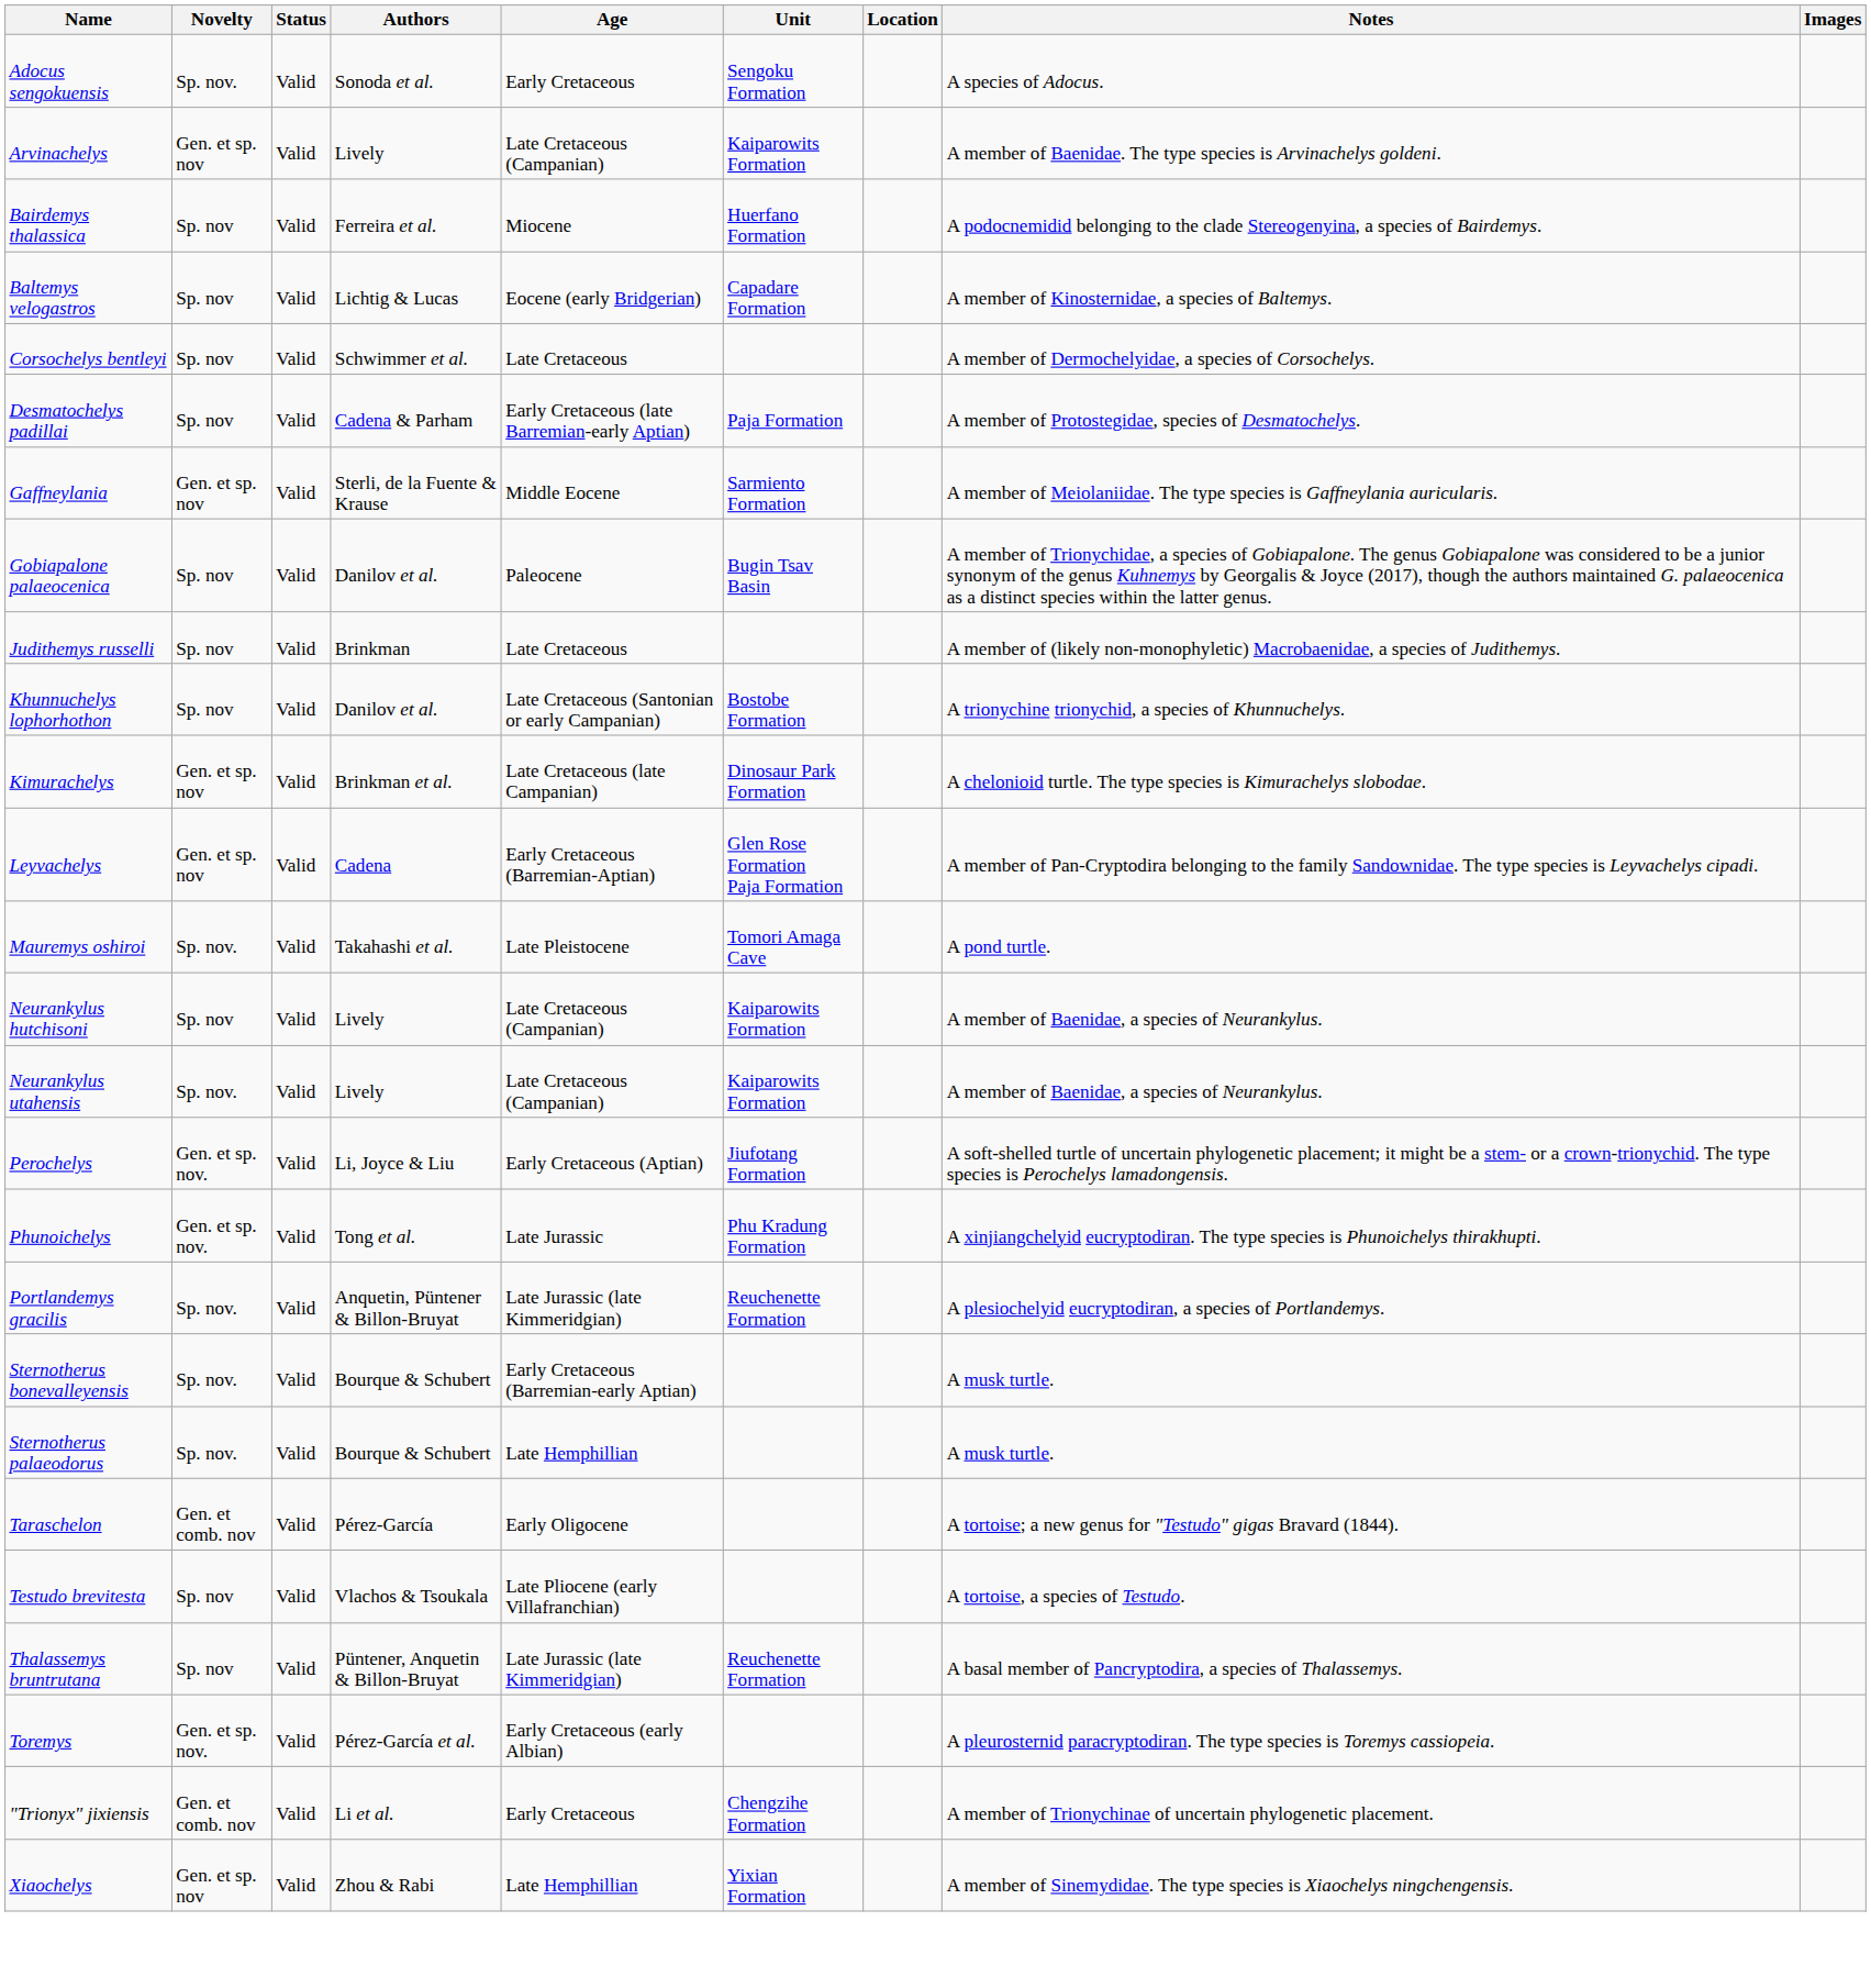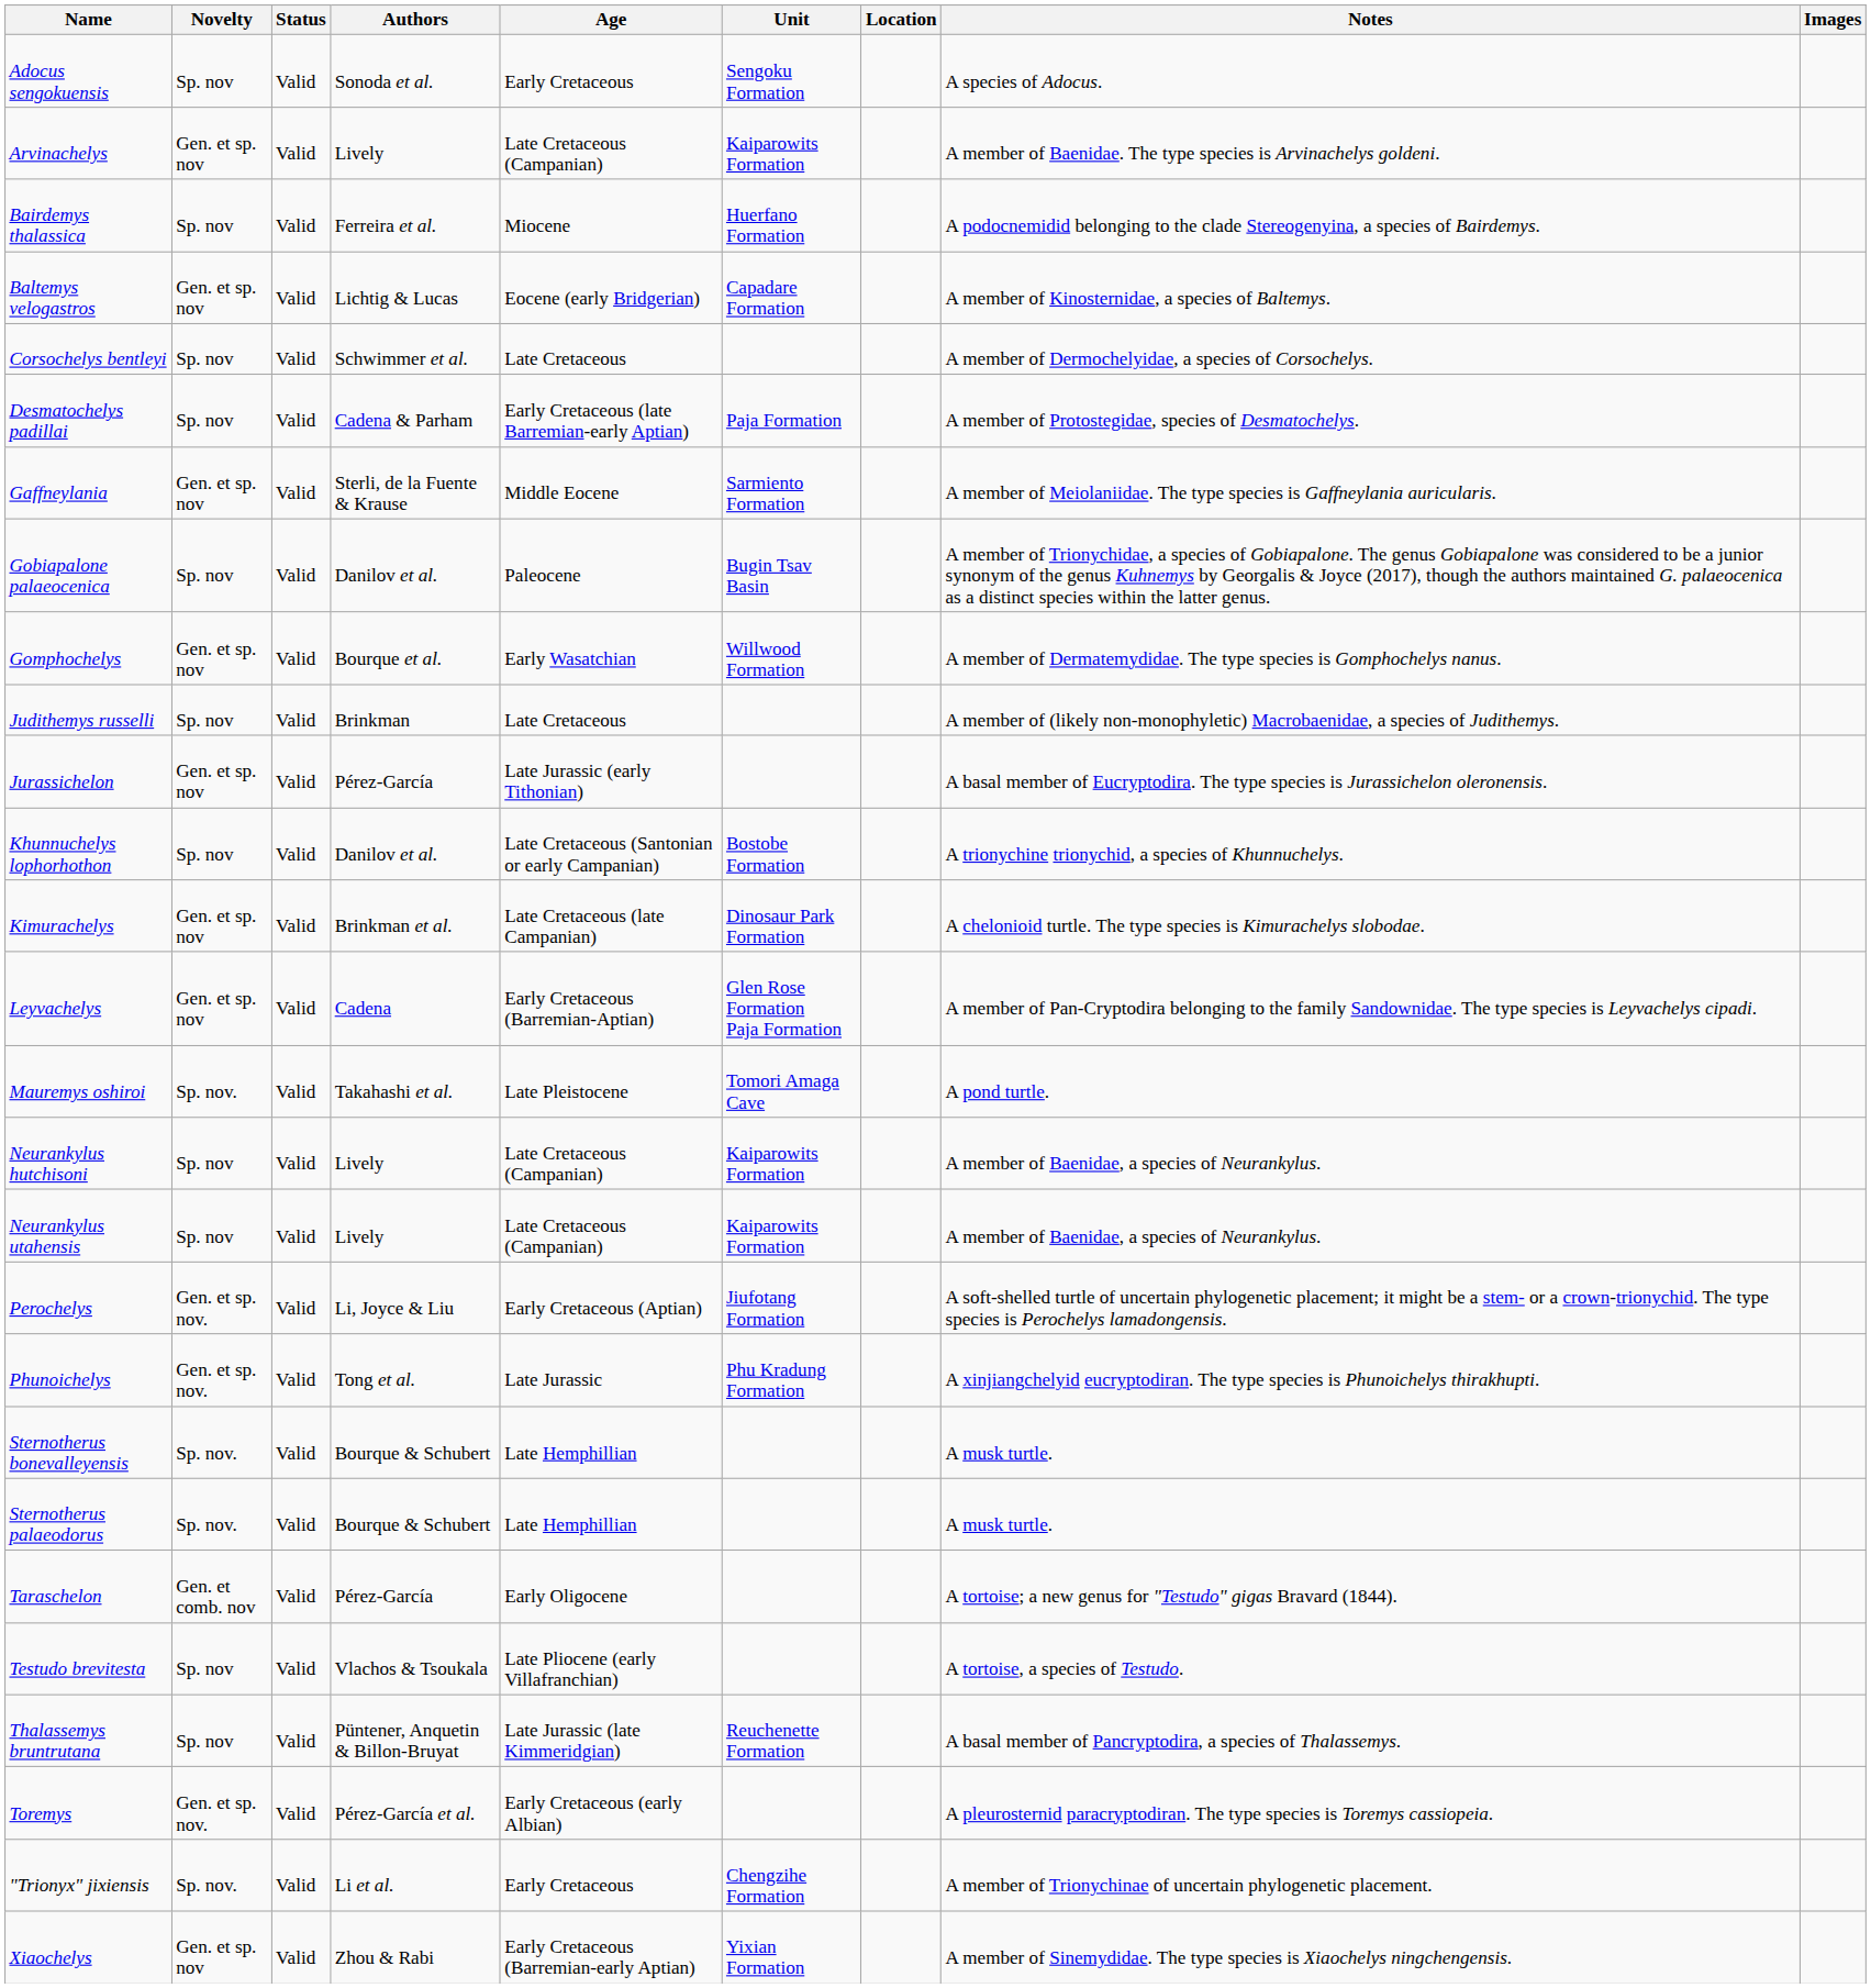 <table class="wikitable sortable"  style="margin:auto; width:100%;">
 <tr>
 <th>Name</th>
 <th>Novelty</th>
 <th>Status</th>
 <th>Authors</th>
 <th>Age</th>
 <th>Unit</th>
 <th>Location</th>
 <th>Notes</th>
 <th>Images</th>
 </tr>
 <tr>
 <td><br><em><a href='#'>Adocus sengokuensis</a></em></td>
-<td><br>Sp. nov.</td>
+<td><br>Sp. nov</td>
 <td><br>Valid</td>
 <td><br>Sonoda <em>et al.</em></td>
 <td><br>Early Cretaceous</td>
 <td><br><a href='#'>Sengoku Formation</a></td>
 <td><br></td>
 <td><br>A species of <em>Adocus</em>.</td>
 <td></td>
 </tr>
 <tr>
 <td><br><em><a href='#'>Arvinachelys</a></em></td>
 <td><br>Gen. et sp. nov</td>
 <td><br>Valid</td>
 <td><br>Lively</td>
 <td><br>Late Cretaceous (Campanian)</td>
 <td><br><a href='#'>Kaiparowits Formation</a></td>
 <td><br></td>
 <td><br>A member of <a href='#'>Baenidae</a>. The type species is <em>Arvinachelys goldeni</em>.</td>
 <td></td>
 </tr>
 <tr>
 <td><br><em><a href='#'>Bairdemys thalassica</a></em></td>
 <td><br>Sp. nov</td>
 <td><br>Valid</td>
 <td><br>Ferreira <em>et al.</em></td>
 <td><br>Miocene</td>
 <td><br><a href='#'>Huerfano Formation</a></td>
 <td><br></td>
 <td><br>A <a href='#'>podocnemidid</a> belonging to the clade <a href='#'>Stereogenyina</a>, a species of <em>Bairdemys</em>.</td>
 <td></td>
 </tr>
 <tr>
 <td><br><em><a href='#'>Baltemys velogastros</a></em></td>
-<td><br>Sp. nov</td>
+<td><br>Gen. et sp. nov</td>
 <td><br>Valid</td>
 <td><br>Lichtig & Lucas</td>
 <td><br>Eocene (early <a href='#'>Bridgerian</a>)</td>
 <td><br><a href='#'>Capadare Formation</a></td>
 <td><br></td>
 <td><br>A member of <a href='#'>Kinosternidae</a>, a species of <em>Baltemys</em>.</td>
 <td></td>
 </tr>
 <tr>
 <td><br><em><a href='#'>Corsochelys bentleyi</a></em></td>
 <td><br>Sp. nov</td>
 <td><br>Valid</td>
 <td><br>Schwimmer <em>et al.</em></td>
 <td><br>Late Cretaceous</td>
 <td></td>
 <td><br></td>
 <td><br>A member of <a href='#'>Dermochelyidae</a>, a species of <em>Corsochelys</em>.</td>
 <td></td>
 </tr>
 <tr>
 <td><br><em><a href='#'>Desmatochelys padillai</a></em></td>
 <td><br>Sp. nov</td>
 <td><br>Valid</td>
 <td><br><a href='#'>Cadena</a> & Parham</td>
 <td><br>Early Cretaceous (late <a href='#'>Barremian</a>-early <a href='#'>Aptian</a>)</td>
 <td><br><a href='#'>Paja Formation</a></td>
 <td><br></td>
 <td><br>A member of <a href='#'>Protostegidae</a>, species of <em><a href='#'>Desmatochelys</a></em>.</td>
 <td><br></td>
 </tr>
 <tr>
 <td><br><em><a href='#'>Gaffneylania</a></em></td>
 <td><br>Gen. et sp. nov</td>
 <td><br>Valid</td>
 <td><br>Sterli, de la Fuente & Krause</td>
 <td><br>Middle Eocene</td>
 <td><br><a href='#'>Sarmiento Formation</a></td>
 <td><br></td>
 <td><br>A member of <a href='#'>Meiolaniidae</a>. The type species is <em>Gaffneylania auricularis</em>.</td>
 <td></td>
 </tr>
 <tr>
 <td><br><em><a href='#'>Gobiapalone palaeocenica</a></em></td>
 <td><br>Sp. nov</td>
 <td><br>Valid</td>
 <td><br>Danilov <em>et al.</em></td>
 <td><br>Paleocene</td>
 <td><br><a href='#'>Bugin Tsav Basin</a></td>
 <td><br></td>
 <td><br>A member of <a href='#'>Trionychidae</a>, a species of <em>Gobiapalone</em>. The genus <em>Gobiapalone</em> was considered to be a junior synonym of the genus <em><a href='#'>Kuhnemys</a></em> by Georgalis & Joyce (2017), though the authors maintained <em>G. palaeocenica</em> as a distinct species within the latter genus.</td>
 <td></td>
 </tr>
 <tr>
+<td><br><em><a href='#'>Gomphochelys</a></em></td>
+<td><br>Gen. et sp. nov</td>
+<td><br>Valid</td>
+<td><br>Bourque <em>et al.</em></td>
+<td><br>Early <a href='#'>Wasatchian</a></td>
+<td><br><a href='#'>Willwood Formation</a></td>
+<td><br></td>
+<td><br>A member of <a href='#'>Dermatemydidae</a>. The type species is <em>Gomphochelys nanus</em>.</td>
+<td></td>
+</tr>
+<tr>
 <td><br><em><a href='#'>Judithemys russelli</a></em></td>
 <td><br>Sp. nov</td>
 <td><br>Valid</td>
 <td><br>Brinkman</td>
 <td><br>Late Cretaceous</td>
 <td></td>
 <td><br></td>
 <td><br>A member of (likely non-monophyletic) <a href='#'>Macrobaenidae</a>, a species of <em>Judithemys</em>.</td>
+<td></td>
+</tr>
+<tr>
+<td><br><em><a href='#'>Jurassichelon</a></em></td>
+<td><br>Gen. et sp. nov</td>
+<td><br>Valid</td>
+<td><br>Pérez-García</td>
+<td><br>Late Jurassic (early <a href='#'>Tithonian</a>)</td>
+<td></td>
+<td><br></td>
+<td><br>A basal member of <a href='#'>Eucryptodira</a>. The type species is <em>Jurassichelon oleronensis</em>.</td>
 <td></td>
 </tr>
 <tr>
 <td><br><em><a href='#'>Khunnuchelys lophorhothon</a></em></td>
 <td><br>Sp. nov</td>
 <td><br>Valid</td>
 <td><br>Danilov <em>et al.</em></td>
 <td><br>Late Cretaceous (Santonian or early Campanian)</td>
 <td><br><a href='#'>Bostobe Formation</a></td>
 <td><br></td>
 <td><br>A <a href='#'>trionychine</a> <a href='#'>trionychid</a>, a species of <em>Khunnuchelys</em>.</td>
 <td></td>
 </tr>
 <tr>
 <td><br><em><a href='#'>Kimurachelys</a></em></td>
 <td><br>Gen. et sp. nov</td>
 <td><br>Valid</td>
 <td><br>Brinkman <em>et al.</em></td>
 <td><br>Late Cretaceous (late Campanian)</td>
 <td><br><a href='#'>Dinosaur Park Formation</a></td>
 <td><br></td>
 <td><br>A <a href='#'>chelonioid</a> turtle. The type species is <em>Kimurachelys slobodae</em>.</td>
 <td></td>
 </tr>
 <tr>
 <td><br><em><a href='#'>Leyvachelys</a></em></td>
 <td><br>Gen. et sp. nov</td>
 <td><br>Valid</td>
 <td><br><a href='#'>Cadena</a></td>
 <td><br>Early Cretaceous (Barremian-Aptian)</td>
 <td><br><a href='#'>Glen Rose Formation</a><br> <a href='#'>Paja Formation</a></td>
 <td><br><br> </td>
 <td><br>A member of Pan-Cryptodira belonging to the family <a href='#'>Sandownidae</a>. The type species is <em>Leyvachelys cipadi</em>.</td>
 <td></td>
 </tr>
 <tr>
 <td><br><em><a href='#'>Mauremys oshiroi</a></em></td>
 <td><br>Sp. nov.</td>
 <td><br>Valid</td>
 <td><br>Takahashi <em>et al.</em></td>
 <td><br>Late Pleistocene</td>
 <td><br><a href='#'>Tomori Amaga Cave</a></td>
 <td><br></td>
 <td><br>A <a href='#'>pond turtle</a>.</td>
 <td></td>
 </tr>
 <tr>
 <td><br><em><a href='#'>Neurankylus hutchisoni</a></em></td>
 <td><br>Sp. nov</td>
 <td><br>Valid</td>
 <td><br>Lively</td>
 <td><br>Late Cretaceous (Campanian)</td>
 <td><br><a href='#'>Kaiparowits Formation</a></td>
 <td><br></td>
 <td><br>A member of <a href='#'>Baenidae</a>, a species of <em>Neurankylus</em>.</td>
 <td></td>
 </tr>
 <tr>
 <td><br><em><a href='#'>Neurankylus utahensis</a></em></td>
-<td><br>Sp. nov.</td>
+<td><br>Sp. nov</td>
 <td><br>Valid</td>
 <td><br>Lively</td>
 <td><br>Late Cretaceous (Campanian)</td>
 <td><br><a href='#'>Kaiparowits Formation</a></td>
 <td><br></td>
 <td><br>A member of <a href='#'>Baenidae</a>, a species of <em>Neurankylus</em>.</td>
 <td></td>
 </tr>
 <tr>
 <td><br><em><a href='#'>Perochelys</a></em></td>
 <td><br>Gen. et sp. nov.</td>
 <td><br>Valid</td>
 <td><br>Li, Joyce & Liu</td>
 <td><br>Early Cretaceous (Aptian)</td>
 <td><br><a href='#'>Jiufotang Formation</a></td>
 <td><br></td>
 <td><br>A soft-shelled turtle of uncertain phylogenetic placement; it might be a <a href='#'>stem-</a> or a <a href='#'>crown</a>-<a href='#'>trionychid</a>. The type species is <em>Perochelys lamadongensis</em>.</td>
 <td></td>
 </tr>
 <tr>
 <td><br><em><a href='#'>Phunoichelys</a></em></td>
 <td><br>Gen. et sp. nov.</td>
 <td><br>Valid</td>
 <td><br>Tong <em>et al.</em></td>
 <td><br>Late Jurassic</td>
 <td><br><a href='#'>Phu Kradung Formation</a></td>
 <td><br></td>
 <td><br>A <a href='#'>xinjiangchelyid</a> <a href='#'>eucryptodiran</a>. The type species is <em>Phunoichelys thirakhupti</em>.</td>
 <td></td>
 </tr>
 <tr>
-<td><br><em><a href='#'>Portlandemys gracilis</a></em></td>
-<td><br>Sp. nov.</td>
-<td><br>Valid</td>
-<td><br>Anquetin, Püntener & Billon-Bruyat</td>
-<td><br>Late Jurassic (late Kimmeridgian)</td>
-<td><br><a href='#'>Reuchenette Formation</a></td>
-<td><br></td>
-<td><br>A <a href='#'>plesiochelyid</a> <a href='#'>eucryptodiran</a>, a species of <em>Portlandemys</em>.</td>
-<td></td>
-</tr>
-<tr>
 <td><br><em><a href='#'>Sternotherus bonevalleyensis</a></em></td>
 <td><br>Sp. nov.</td>
 <td><br>Valid</td>
 <td><br>Bourque & Schubert</td>
-<td><br>Early Cretaceous (Barremian-early Aptian)</td>
+<td><br>Late <a href='#'>Hemphillian</a></td>
 <td></td>
 <td><br></td>
 <td><br>A <a href='#'>musk turtle</a>.</td>
 <td></td>
 </tr>
 <tr>
 <td><br><em><a href='#'>Sternotherus palaeodorus</a></em></td>
 <td><br>Sp. nov.</td>
 <td><br>Valid</td>
 <td><br>Bourque & Schubert</td>
 <td><br>Late <a href='#'>Hemphillian</a></td>
 <td></td>
 <td><br></td>
 <td><br>A <a href='#'>musk turtle</a>.</td>
 <td></td>
 </tr>
 <tr>
 <td><br><em><a href='#'>Taraschelon</a></em></td>
 <td><br>Gen. et comb. nov</td>
 <td><br>Valid</td>
 <td><br>Pérez-García</td>
 <td><br>Early Oligocene</td>
 <td></td>
 <td><br></td>
 <td><br>A <a href='#'>tortoise</a>; a new genus for <em>"<a href='#'>Testudo</a>" gigas</em> Bravard (1844).</td>
 <td></td>
 </tr>
 <tr>
 <td><br><em><a href='#'>Testudo brevitesta</a></em></td>
 <td><br>Sp. nov</td>
 <td><br>Valid</td>
 <td><br>Vlachos & Tsoukala</td>
 <td><br>Late Pliocene (early Villafranchian)</td>
 <td></td>
 <td><br></td>
 <td><br>A <a href='#'>tortoise</a>, a species of <em><a href='#'>Testudo</a></em>.</td>
 <td></td>
 </tr>
 <tr>
 <td><br><em><a href='#'>Thalassemys bruntrutana</a></em></td>
 <td><br>Sp. nov</td>
 <td><br>Valid</td>
 <td><br>Püntener, Anquetin & Billon-Bruyat</td>
 <td><br>Late Jurassic (late <a href='#'>Kimmeridgian</a>)</td>
 <td><br><a href='#'>Reuchenette Formation</a></td>
 <td><br></td>
 <td><br>A basal member of <a href='#'>Pancryptodira</a>, a species of <em>Thalassemys</em>.</td>
 <td></td>
 </tr>
 <tr>
 <td><br><em><a href='#'>Toremys</a></em></td>
 <td><br>Gen. et sp. nov.</td>
 <td><br>Valid</td>
 <td><br>Pérez-García <em>et al.</em></td>
 <td><br>Early Cretaceous (early Albian)</td>
 <td></td>
 <td><br></td>
 <td><br>A <a href='#'>pleurosternid</a> <a href='#'>paracryptodiran</a>. The type species is <em>Toremys cassiopeia</em>.</td>
 <td></td>
 </tr>
 <tr>
 <td><br><em>"Trionyx" jixiensis</em></td>
-<td><br>Gen. et comb. nov</td>
+<td><br>Sp. nov.</td>
 <td><br>Valid</td>
 <td><br>Li <em>et al.</em></td>
 <td><br>Early Cretaceous</td>
 <td><br><a href='#'>Chengzihe Formation</a></td>
 <td><br></td>
 <td><br>A member of <a href='#'>Trionychinae</a> of uncertain phylogenetic placement.</td>
 <td></td>
 </tr>
 <tr>
 <td><br><em><a href='#'>Xiaochelys</a></em></td>
 <td><br>Gen. et sp. nov</td>
 <td><br>Valid</td>
 <td><br>Zhou & Rabi</td>
-<td><br>Late <a href='#'>Hemphillian</a></td>
+<td><br>Early Cretaceous (Barremian-early Aptian)</td>
 <td><br><a href='#'>Yixian Formation</a></td>
 <td><br></td>
 <td><br>A member of <a href='#'>Sinemydidae</a>. The type species is <em>Xiaochelys ningchengensis</em>.</td>
 <td></td>
 </tr>
 </table>
